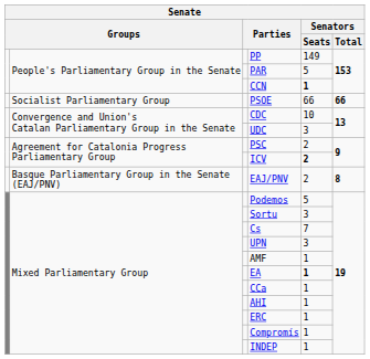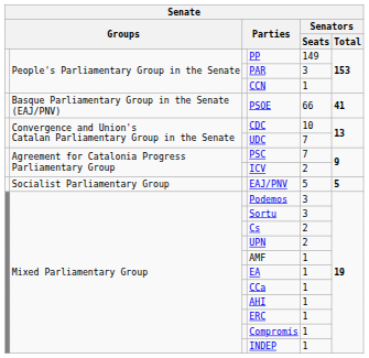 <table class="wikitable" style="text-align:left;">
 <tr>
 <th colspan="6">Senate</th>
 </tr>
 <tr>
 <th rowspan="2" colspan="2">Groups</th>
 <th rowspan="2" colspan="2">Parties</th>
 <th colspan="2">Senators</th>
 </tr>
 <tr>
 <th>Seats</th>
 <th>Total</th>
 </tr>
 <tr>
 <td width="1" rowspan="3"></td>
 <td rowspan="3">People's Parliamentary Group in the Senate</td>
 <td width="1" style="color:inherit;background:"></td>
 <td><a href='#'>PP</a></td>
 <td>149</td>
 <td rowspan="3"><strong>153</strong></td>
 </tr>
 <tr>
 <td style="color:inherit;background:"></td>
 <td><a href='#'>PAR</a></td>
-<td>5</td>
+<td>3</td>
 </tr>
 <tr>
 <td style="color:inherit;background:"></td>
 <td><a href='#'>CCN</a></td>
-<td><strong>1</strong></td>
+<td>1</td>
 </tr>
 <tr>
 <td style="color:inherit;background:"></td>
-<td>Socialist Parliamentary Group</td>
+<td>Basque Parliamentary Group in the Senate<br>(EAJ/PNV)</td>
 <td style="color:inherit;background:"></td>
 <td><a href='#'>PSOE</a></td>
 <td>66</td>
-<td><strong>66</strong></td>
+<td><strong>41</strong></td>
 </tr>
 <tr>
 <td rowspan="2" style="color:inherit;background:"></td>
 <td rowspan="2">Convergence and Union's<br>Catalan Parliamentary Group in the Senate</td>
 <td style="color:inherit;background:"></td>
 <td><a href='#'>CDC</a></td>
 <td>10</td>
 <td rowspan="2"><strong>13</strong></td>
 </tr>
 <tr>
 <td style="color:inherit;background:"></td>
 <td><a href='#'>UDC</a></td>
-<td>3</td>
+<td>7</td>
 </tr>
 <tr>
 <td rowspan="2" style="color:inherit;background:"></td>
 <td rowspan="2">Agreement for Catalonia Progress<br>Parliamentary Group</td>
 <td style="color:inherit;background:"></td>
 <td><a href='#'>PSC</a></td>
-<td>2</td>
+<td>7</td>
 <td rowspan="2"><strong>9</strong></td>
 </tr>
 <tr>
 <td style="color:inherit;background:"></td>
 <td><a href='#'>ICV</a></td>
-<td><strong>2</strong></td>
+<td>2</td>
 </tr>
 <tr>
 <td style="color:inherit;background:"></td>
-<td>Basque Parliamentary Group in the Senate<br>(EAJ/PNV)</td>
+<td>Socialist Parliamentary Group</td>
 <td style="color:inherit;background:"></td>
 <td><a href='#'>EAJ/PNV</a></td>
-<td>2</td>
-<td><strong>8</strong></td>
+<td>5</td>
+<td><strong>5</strong></td>
 </tr>
 <tr>
 <td rowspan="11" bgcolor="gray"></td>
 <td rowspan="11">Mixed Parliamentary Group</td>
 <td style="color:inherit;background:"></td>
 <td><a href='#'>Podemos</a></td>
-<td>5</td>
+<td>3</td>
 <td rowspan="11"><strong>19</strong></td>
 </tr>
 <tr>
 <td style="color:inherit;background:"></td>
 <td><a href='#'>Sortu</a></td>
 <td>3</td>
 </tr>
 <tr>
 <td style="color:inherit;background:"></td>
 <td><a href='#'>Cs</a></td>
-<td>7</td>
+<td>2</td>
 </tr>
 <tr>
 <td style="color:inherit;background:"></td>
 <td><a href='#'>UPN</a></td>
-<td>3</td>
+<td>2</td>
 </tr>
 <tr>
 <td style="color:inherit;background:"></td>
 <td>AMF</td>
 <td>1</td>
 </tr>
 <tr>
 <td style="color:inherit;background:"></td>
 <td><a href='#'>EA</a></td>
-<td><strong>1</strong></td>
+<td>1</td>
 </tr>
 <tr>
 <td style="color:inherit;background:"></td>
 <td><a href='#'>CCa</a></td>
 <td>1</td>
 </tr>
 <tr>
 <td style="color:inherit;background:"></td>
 <td><a href='#'>AHI</a></td>
 <td>1</td>
 </tr>
 <tr>
 <td style="color:inherit;background:"></td>
 <td><a href='#'>ERC</a></td>
 <td>1</td>
 </tr>
 <tr>
 <td style="color:inherit;background:"></td>
 <td><a href='#'>Compromís</a></td>
 <td>1</td>
 </tr>
 <tr>
 <td style="color:inherit;background:"></td>
 <td><a href='#'>INDEP</a></td>
 <td>1</td>
 </tr>
 </table>
